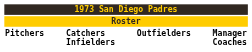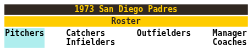 <table class="toccolours" style="font-size: 95%;">
 <tr>
 <th colspan="10" style="background-color: #312821; color: #FFCC00; text-align: center;">1973 San Diego Padres</th>
 </tr>
 <tr>
 <td colspan="10" style="background-color: #FFCC00; color: #312821; text-align: center;"><strong>Roster</strong></td>
 </tr>
 <tr>
-<td valign="top"><strong>Pitchers</strong><br>           </td>
+<td valign="top" style="background: paleturquoise;"><strong>Pitchers</strong><br>           </td>
 <td width="25px"></td>
 <td valign="top"><strong>Catchers</strong><br>   <strong>Infielders</strong>         </td>
 <td width="25px"></td>
 <td valign="top"><strong>Outfielders</strong><br>       </td>
 <td width="25px"></td>
 <td valign="top"><strong>Manager</strong><br> <strong>Coaches</strong>    </td>
 </tr>
 </table>
